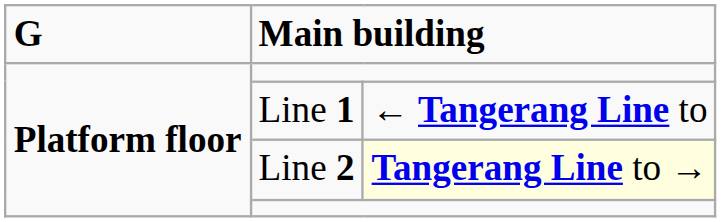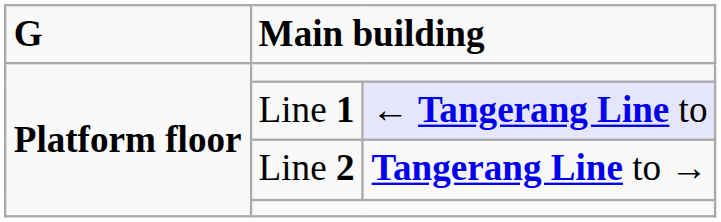 <table class="wikitable">
 <tr>
 <td><strong>G</strong></td>
 <td colspan="2"><strong>Main building</strong></td>
 </tr>
 <tr>
 <td rowspan="4"><strong>Platform floor</strong></td>
 <td colspan="2"></td>
 </tr>
 <tr>
 <td>Line <strong>1</strong></td>
-<td>←   <strong><a href='#'>Tangerang Line</a></strong> to </td>
+<td style="background: lavender;">←   <strong><a href='#'>Tangerang Line</a></strong> to </td>
 </tr>
 <tr>
 <td>Line <strong>2</strong></td>
-<td style="background: lightyellow;"> <strong><a href='#'>Tangerang Line</a></strong> to   →</td>
+<td> <strong><a href='#'>Tangerang Line</a></strong> to   →</td>
 </tr>
 <tr>
 <td colspan="2"></td>
 </tr>
 </table>
